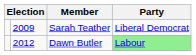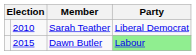 <table class="wikitable">
 <tr>
 <th colspan="2">Election</th>
 <th>Member</th>
 <th>Party</th>
 </tr>
 <tr>
 <td style="color:inherit;background-color: "></td>
-<td><a href='#'>2009</a></td>
+<td><a href='#'>2010</a></td>
 <td><a href='#'>Sarah Teather</a></td>
 <td><a href='#'>Liberal Democrat</a></td>
 </tr>
 <tr>
 <td style="color:inherit;background-color: "></td>
-<td><a href='#'>2012</a></td>
+<td><a href='#'>2015</a></td>
 <td><a href='#'>Dawn Butler</a></td>
 <td style="background: lightgreen;"><a href='#'>Labour</a></td>
 </tr>
 </table>
